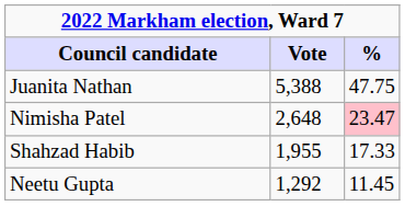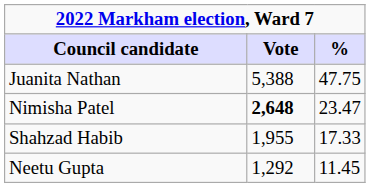 <table class="wikitable">
 <tr>
 <td colspan="3" style="text-align:center;"><strong><a href='#'>2022 Markham election</a>, Ward 7</strong></td>
 </tr>
 <tr>
 <th style="background:#ddf; width:200px;">Council candidate</th>
 <th style="background:#ddf; width:50px;">Vote</th>
 <th style="background:#ddf; width:30px;">%</th>
 </tr>
 <tr>
 <td>Juanita Nathan</td>
 <td>5,388</td>
 <td>47.75</td>
 </tr>
 <tr>
 <td>Nimisha Patel</td>
-<td>2,648</td>
-<td style="background: pink;">23.47</td>
+<td><strong>2,648</strong></td>
+<td>23.47</td>
 </tr>
 <tr>
 <td>Shahzad Habib</td>
 <td>1,955</td>
 <td>17.33</td>
 </tr>
 <tr>
 <td>Neetu Gupta</td>
 <td>1,292</td>
 <td>11.45</td>
 </tr>
 </table>
